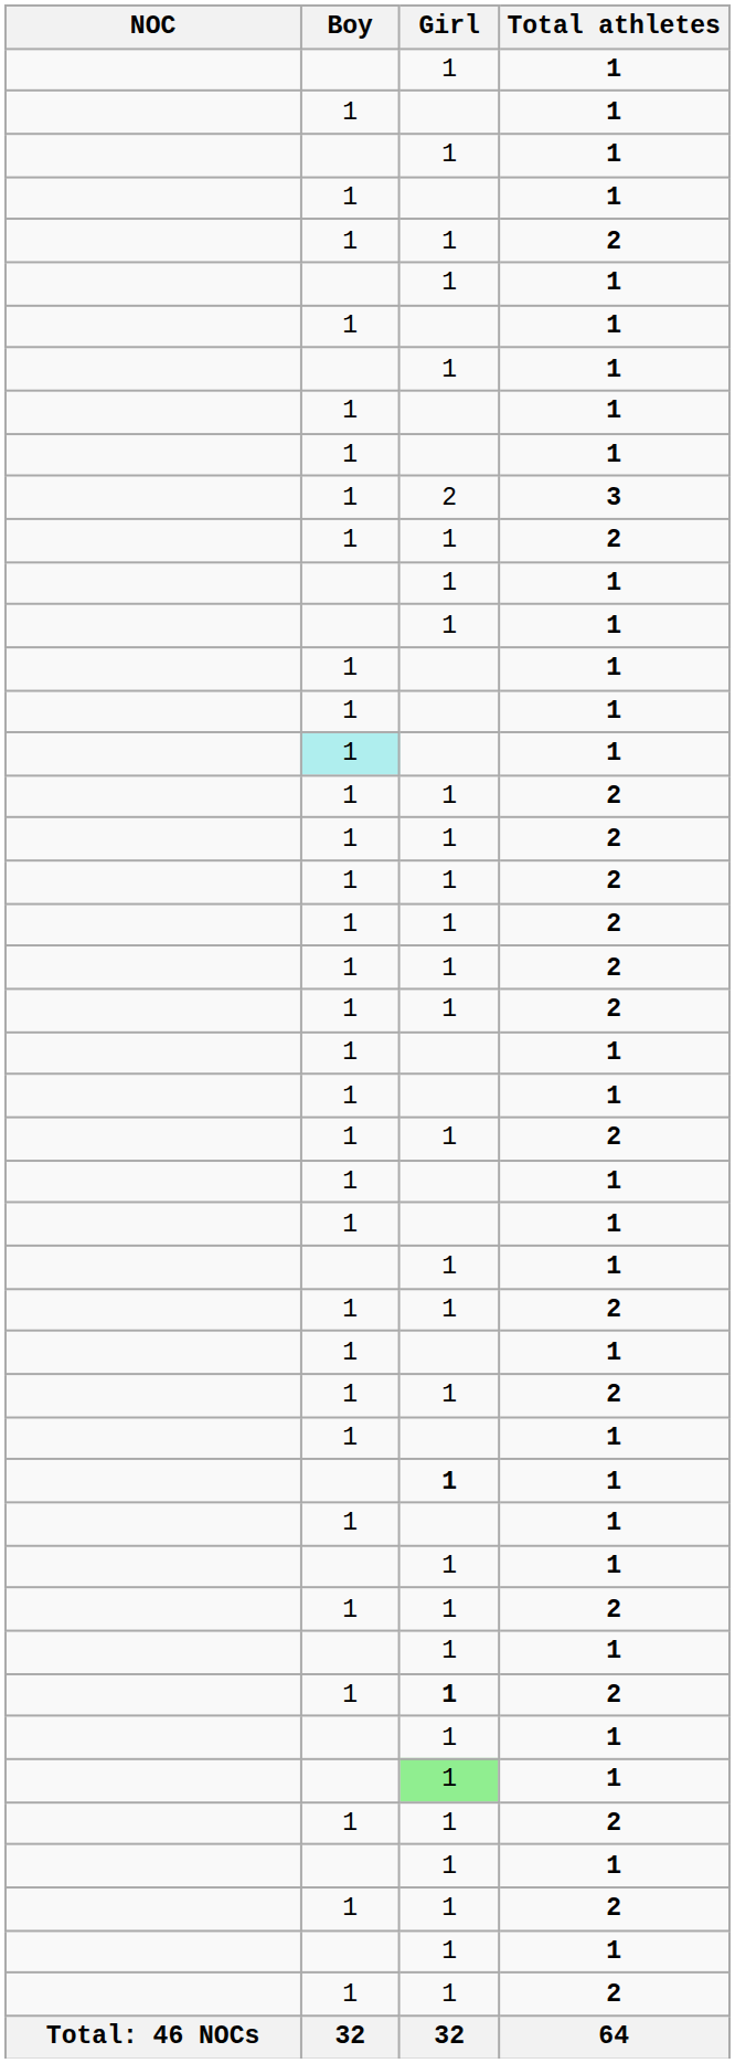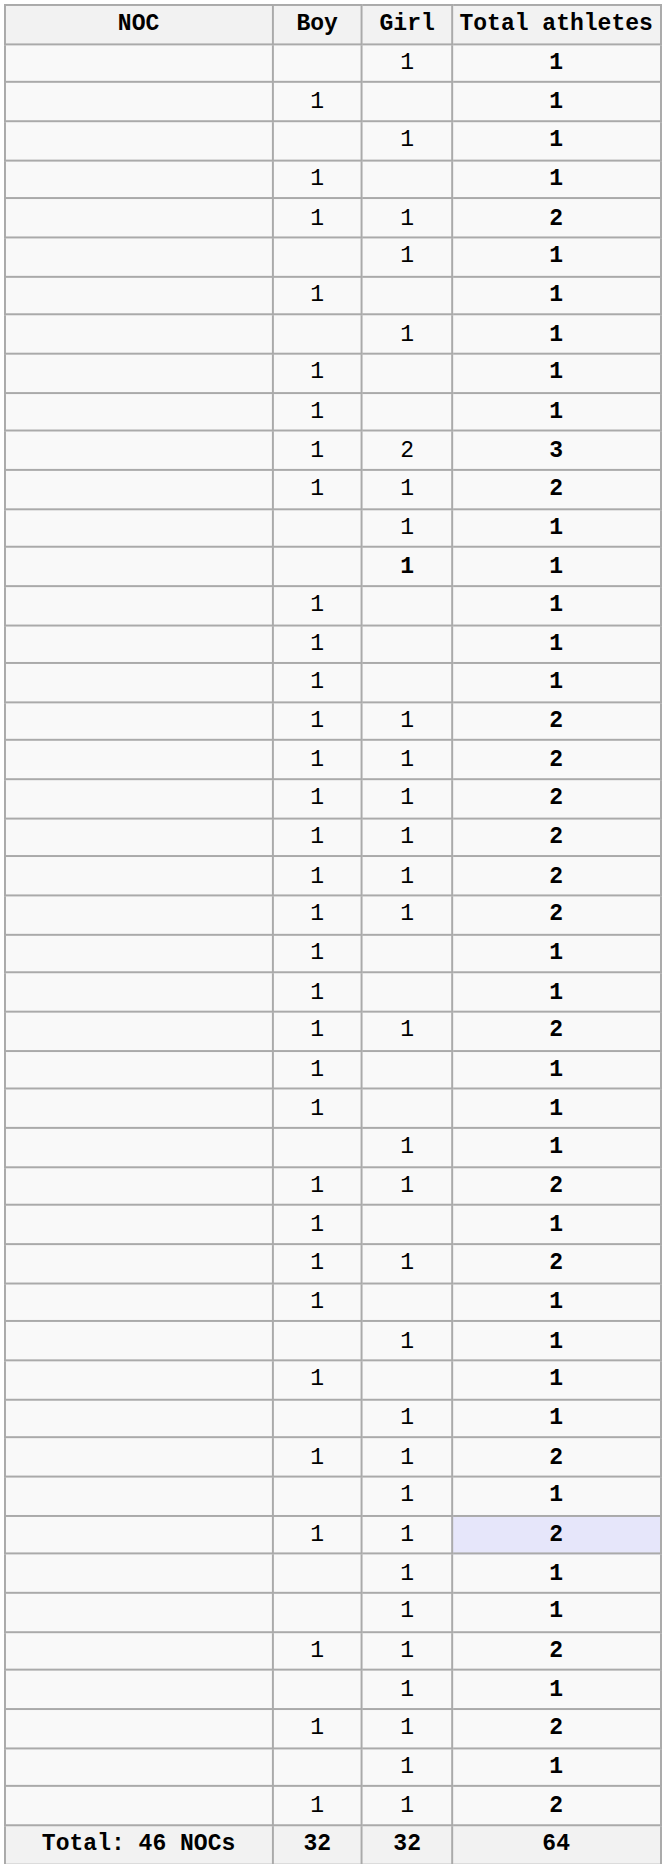 <table class="wikitable collapsible sortable"  style="width:550p1; text-align:center; font-size:90%;">
 <tr>
 <th style="text-align:center; width:130px;"><strong>NOC</strong></th>
 <th width=40><strong>Boy</strong></th>
 <th width=40><strong>Girl</strong></th>
 <th width=100><strong>Total athletes</strong></th>
 </tr>
 <tr>
 <td align=left></td>
 <td></td>
 <td>1</td>
 <td><strong>1</strong></td>
 </tr>
 <tr>
 <td align=left></td>
 <td>1</td>
 <td></td>
 <td><strong>1</strong></td>
 </tr>
 <tr>
 <td align=left></td>
 <td></td>
 <td>1</td>
 <td><strong>1</strong></td>
 </tr>
 <tr>
 <td align=left></td>
 <td>1</td>
 <td></td>
 <td><strong>1</strong></td>
 </tr>
 <tr>
 <td align=left></td>
 <td>1</td>
 <td>1</td>
 <td><strong>2</strong></td>
 </tr>
 <tr>
 <td align=left></td>
 <td></td>
 <td>1</td>
 <td><strong>1</strong></td>
 </tr>
 <tr>
 <td align=left></td>
 <td>1</td>
 <td></td>
 <td><strong>1</strong></td>
 </tr>
 <tr>
 <td align=left></td>
 <td></td>
 <td>1</td>
 <td><strong>1</strong></td>
 </tr>
 <tr>
 <td align=left></td>
 <td>1</td>
 <td></td>
 <td><strong>1</strong></td>
 </tr>
 <tr>
 <td align=left></td>
 <td>1</td>
 <td></td>
 <td><strong>1</strong></td>
 </tr>
 <tr>
 <td align=left></td>
 <td>1</td>
 <td>2</td>
 <td><strong>3</strong></td>
 </tr>
 <tr>
 <td align=left></td>
 <td>1</td>
 <td>1</td>
 <td><strong>2</strong></td>
 </tr>
 <tr>
 <td align=left></td>
 <td></td>
 <td>1</td>
 <td><strong>1</strong></td>
 </tr>
 <tr>
 <td align=left></td>
 <td></td>
-<td>1</td>
+<td><strong>1</strong></td>
 <td><strong>1</strong></td>
 </tr>
 <tr>
 <td align=left></td>
 <td>1</td>
 <td></td>
 <td><strong>1</strong></td>
 </tr>
 <tr>
 <td align=left></td>
 <td>1</td>
 <td></td>
 <td><strong>1</strong></td>
 </tr>
 <tr>
 <td align=left></td>
-<td style="background: paleturquoise;">1</td>
+<td>1</td>
 <td></td>
 <td><strong>1</strong></td>
 </tr>
 <tr>
 <td align=left></td>
 <td>1</td>
 <td>1</td>
 <td><strong>2</strong></td>
 </tr>
 <tr>
 <td align=left></td>
 <td>1</td>
 <td>1</td>
 <td><strong>2</strong></td>
 </tr>
 <tr>
 <td align=left></td>
 <td>1</td>
 <td>1</td>
 <td><strong>2</strong></td>
 </tr>
 <tr>
 <td align=left></td>
 <td>1</td>
 <td>1</td>
 <td><strong>2</strong></td>
 </tr>
 <tr>
 <td align=left></td>
 <td>1</td>
 <td>1</td>
 <td><strong>2</strong></td>
 </tr>
 <tr>
 <td align=left></td>
 <td>1</td>
 <td>1</td>
 <td><strong>2</strong></td>
 </tr>
 <tr>
 <td align=left></td>
 <td>1</td>
 <td></td>
 <td><strong>1</strong></td>
 </tr>
 <tr>
 <td align=left></td>
 <td>1</td>
 <td></td>
 <td><strong>1</strong></td>
 </tr>
 <tr>
 <td align=left></td>
 <td>1</td>
 <td>1</td>
 <td><strong>2</strong></td>
 </tr>
 <tr>
 <td align=left></td>
 <td>1</td>
 <td></td>
 <td><strong>1</strong></td>
 </tr>
 <tr>
 <td align=left></td>
 <td>1</td>
 <td></td>
 <td><strong>1</strong></td>
 </tr>
 <tr>
 <td align=left></td>
 <td></td>
 <td>1</td>
 <td><strong>1</strong></td>
 </tr>
 <tr>
 <td align=left></td>
 <td>1</td>
 <td>1</td>
 <td><strong>2</strong></td>
 </tr>
 <tr>
 <td align=left></td>
 <td>1</td>
 <td></td>
 <td><strong>1</strong></td>
 </tr>
 <tr>
 <td align=left></td>
 <td>1</td>
 <td>1</td>
 <td><strong>2</strong></td>
 </tr>
 <tr>
 <td align=left></td>
 <td>1</td>
 <td></td>
 <td><strong>1</strong></td>
 </tr>
 <tr>
 <td align=left></td>
 <td></td>
-<td><strong>1</strong></td>
+<td>1</td>
 <td><strong>1</strong></td>
 </tr>
 <tr>
 <td align=left></td>
 <td>1</td>
 <td></td>
 <td><strong>1</strong></td>
 </tr>
 <tr>
 <td align=left></td>
 <td></td>
 <td>1</td>
 <td><strong>1</strong></td>
 </tr>
 <tr>
 <td align=left></td>
 <td>1</td>
 <td>1</td>
 <td><strong>2</strong></td>
 </tr>
 <tr>
 <td align=left></td>
 <td></td>
 <td>1</td>
 <td><strong>1</strong></td>
 </tr>
 <tr>
 <td align=left></td>
 <td>1</td>
-<td><strong>1</strong></td>
-<td><strong>2</strong></td>
+<td>1</td>
+<td style="background: lavender;"><strong>2</strong></td>
 </tr>
 <tr>
 <td align=left></td>
 <td></td>
 <td>1</td>
 <td><strong>1</strong></td>
 </tr>
 <tr>
 <td align=left></td>
 <td></td>
-<td style="background: lightgreen;">1</td>
+<td>1</td>
 <td><strong>1</strong></td>
 </tr>
 <tr>
 <td align=left></td>
 <td>1</td>
 <td>1</td>
 <td><strong>2</strong></td>
 </tr>
 <tr>
 <td align=left></td>
 <td></td>
 <td>1</td>
 <td><strong>1</strong></td>
 </tr>
 <tr>
 <td align=left></td>
 <td>1</td>
 <td>1</td>
 <td><strong>2</strong></td>
 </tr>
 <tr>
 <td align=left></td>
 <td></td>
 <td>1</td>
 <td><strong>1</strong></td>
 </tr>
 <tr>
 <td align=left></td>
 <td>1</td>
 <td>1</td>
 <td><strong>2</strong></td>
 </tr>
 <tr>
 <th>Total: 46 NOCs</th>
 <th>32</th>
 <th>32</th>
 <th>64</th>
 </tr>
 </table>
